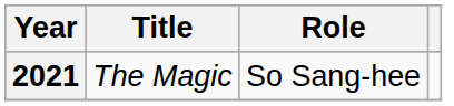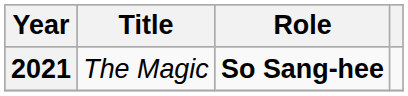 <table class="wikitable sortable plainrowheaders">
 <tr>
 <th scope="col">Year</th>
 <th scope="col">Title</th>
 <th scope="col">Role</th>
 <th scope="col" class="unsortable"></th>
 </tr>
 <tr>
 <th scope="row">2021</th>
 <td><em>The Magic</em></td>
-<td>So Sang-hee</td>
+<td><strong>So Sang-hee</strong></td>
 <td></td>
 </tr>
 <tr>
 </tr>
 </table>
